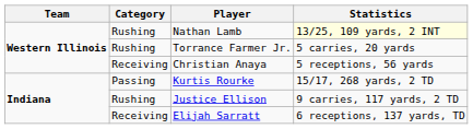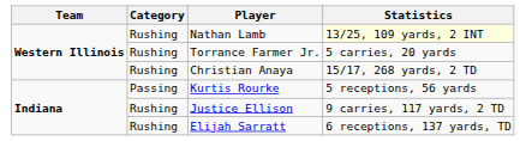 <table class="wikitable" style="float: right;">
 <tr>
 <th>Team</th>
 <th>Category</th>
 <th>Player</th>
 <th>Statistics</th>
 </tr>
 <tr>
 <td rowspan=3><strong>Western Illinois</strong></td>
 <td>Rushing</td>
 <td>Nathan Lamb</td>
 <td style="background: lightyellow;">13/25, 109 yards, 2 INT</td>
 </tr>
 <tr>
 <td>Rushing</td>
 <td>Torrance Farmer Jr.</td>
 <td>5 carries, 20 yards</td>
 </tr>
 <tr>
-<td>Receiving</td>
+<td>Rushing</td>
 <td>Christian Anaya</td>
-<td>5 receptions, 56 yards</td>
+<td>15/17, 268 yards, 2 TD</td>
 </tr>
 <tr>
 <td rowspan=3><strong>Indiana</strong></td>
 <td>Passing</td>
 <td><a href='#'>Kurtis Rourke</a></td>
-<td>15/17, 268 yards, 2 TD</td>
+<td>5 receptions, 56 yards</td>
 </tr>
 <tr>
 <td>Rushing</td>
 <td><a href='#'>Justice Ellison</a></td>
 <td>9 carries, 117 yards, 2 TD</td>
 </tr>
 <tr>
-<td>Receiving</td>
+<td>Rushing</td>
 <td><a href='#'>Elijah Sarratt</a></td>
 <td>6 receptions, 137 yards, TD</td>
 </tr>
 </table>
